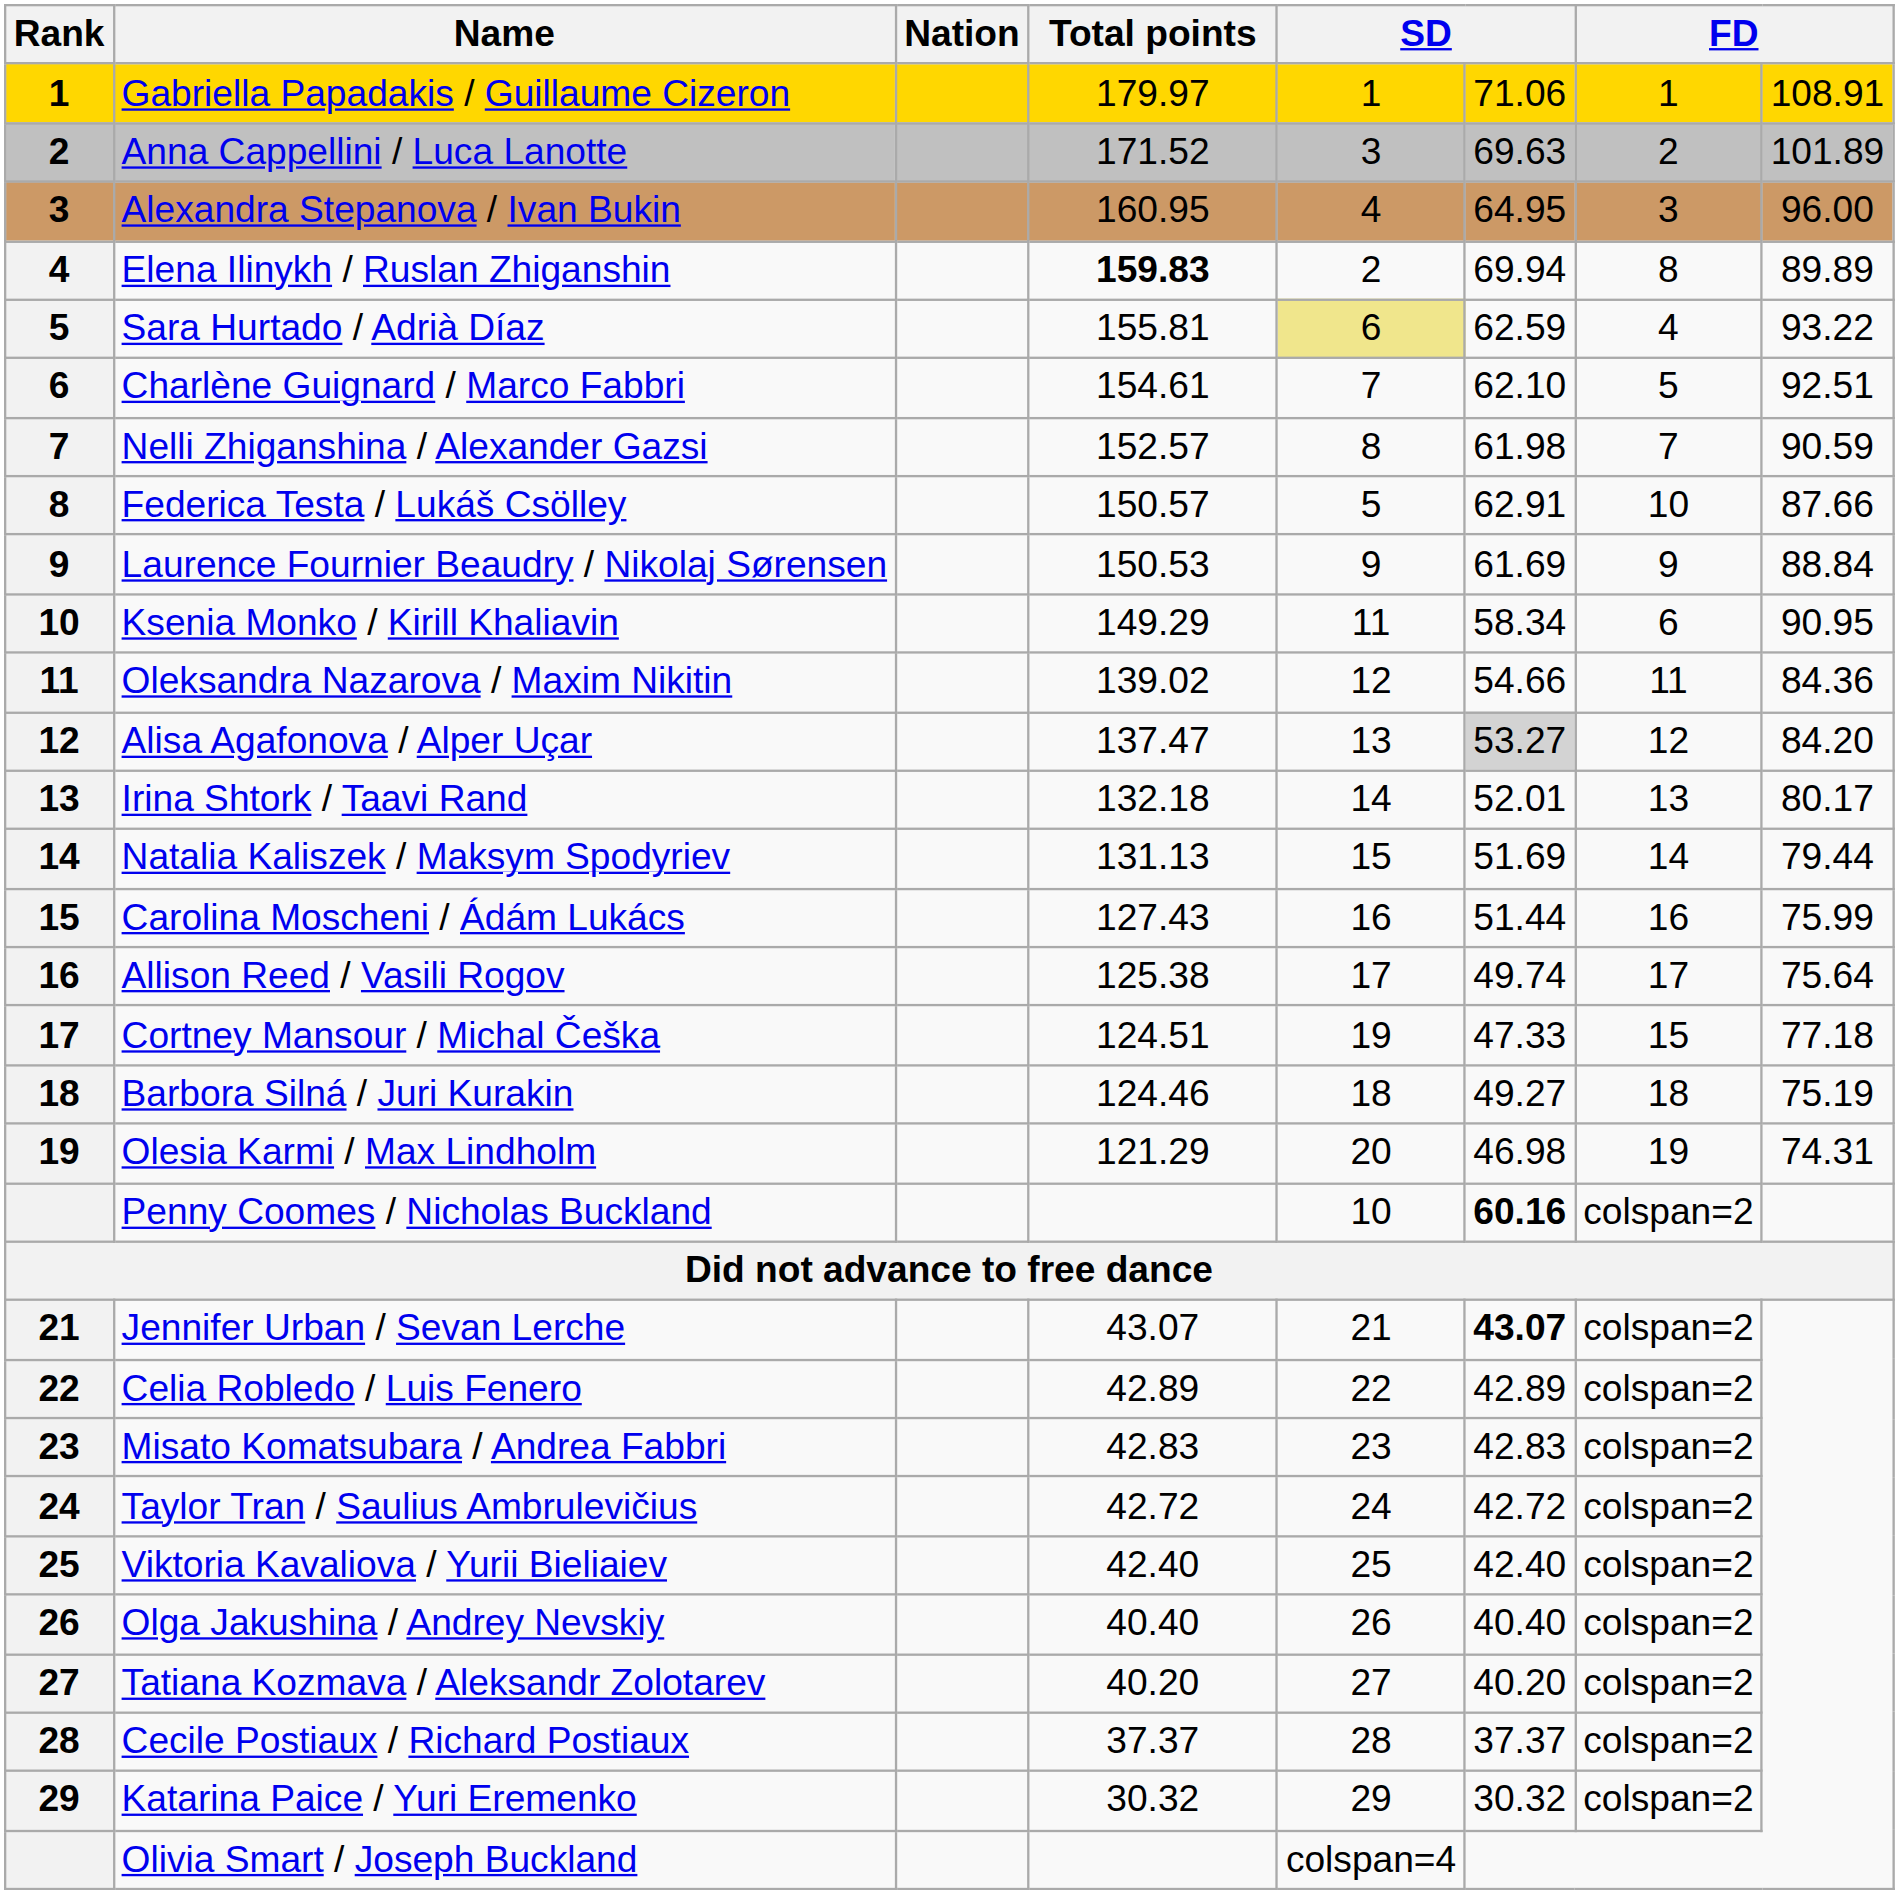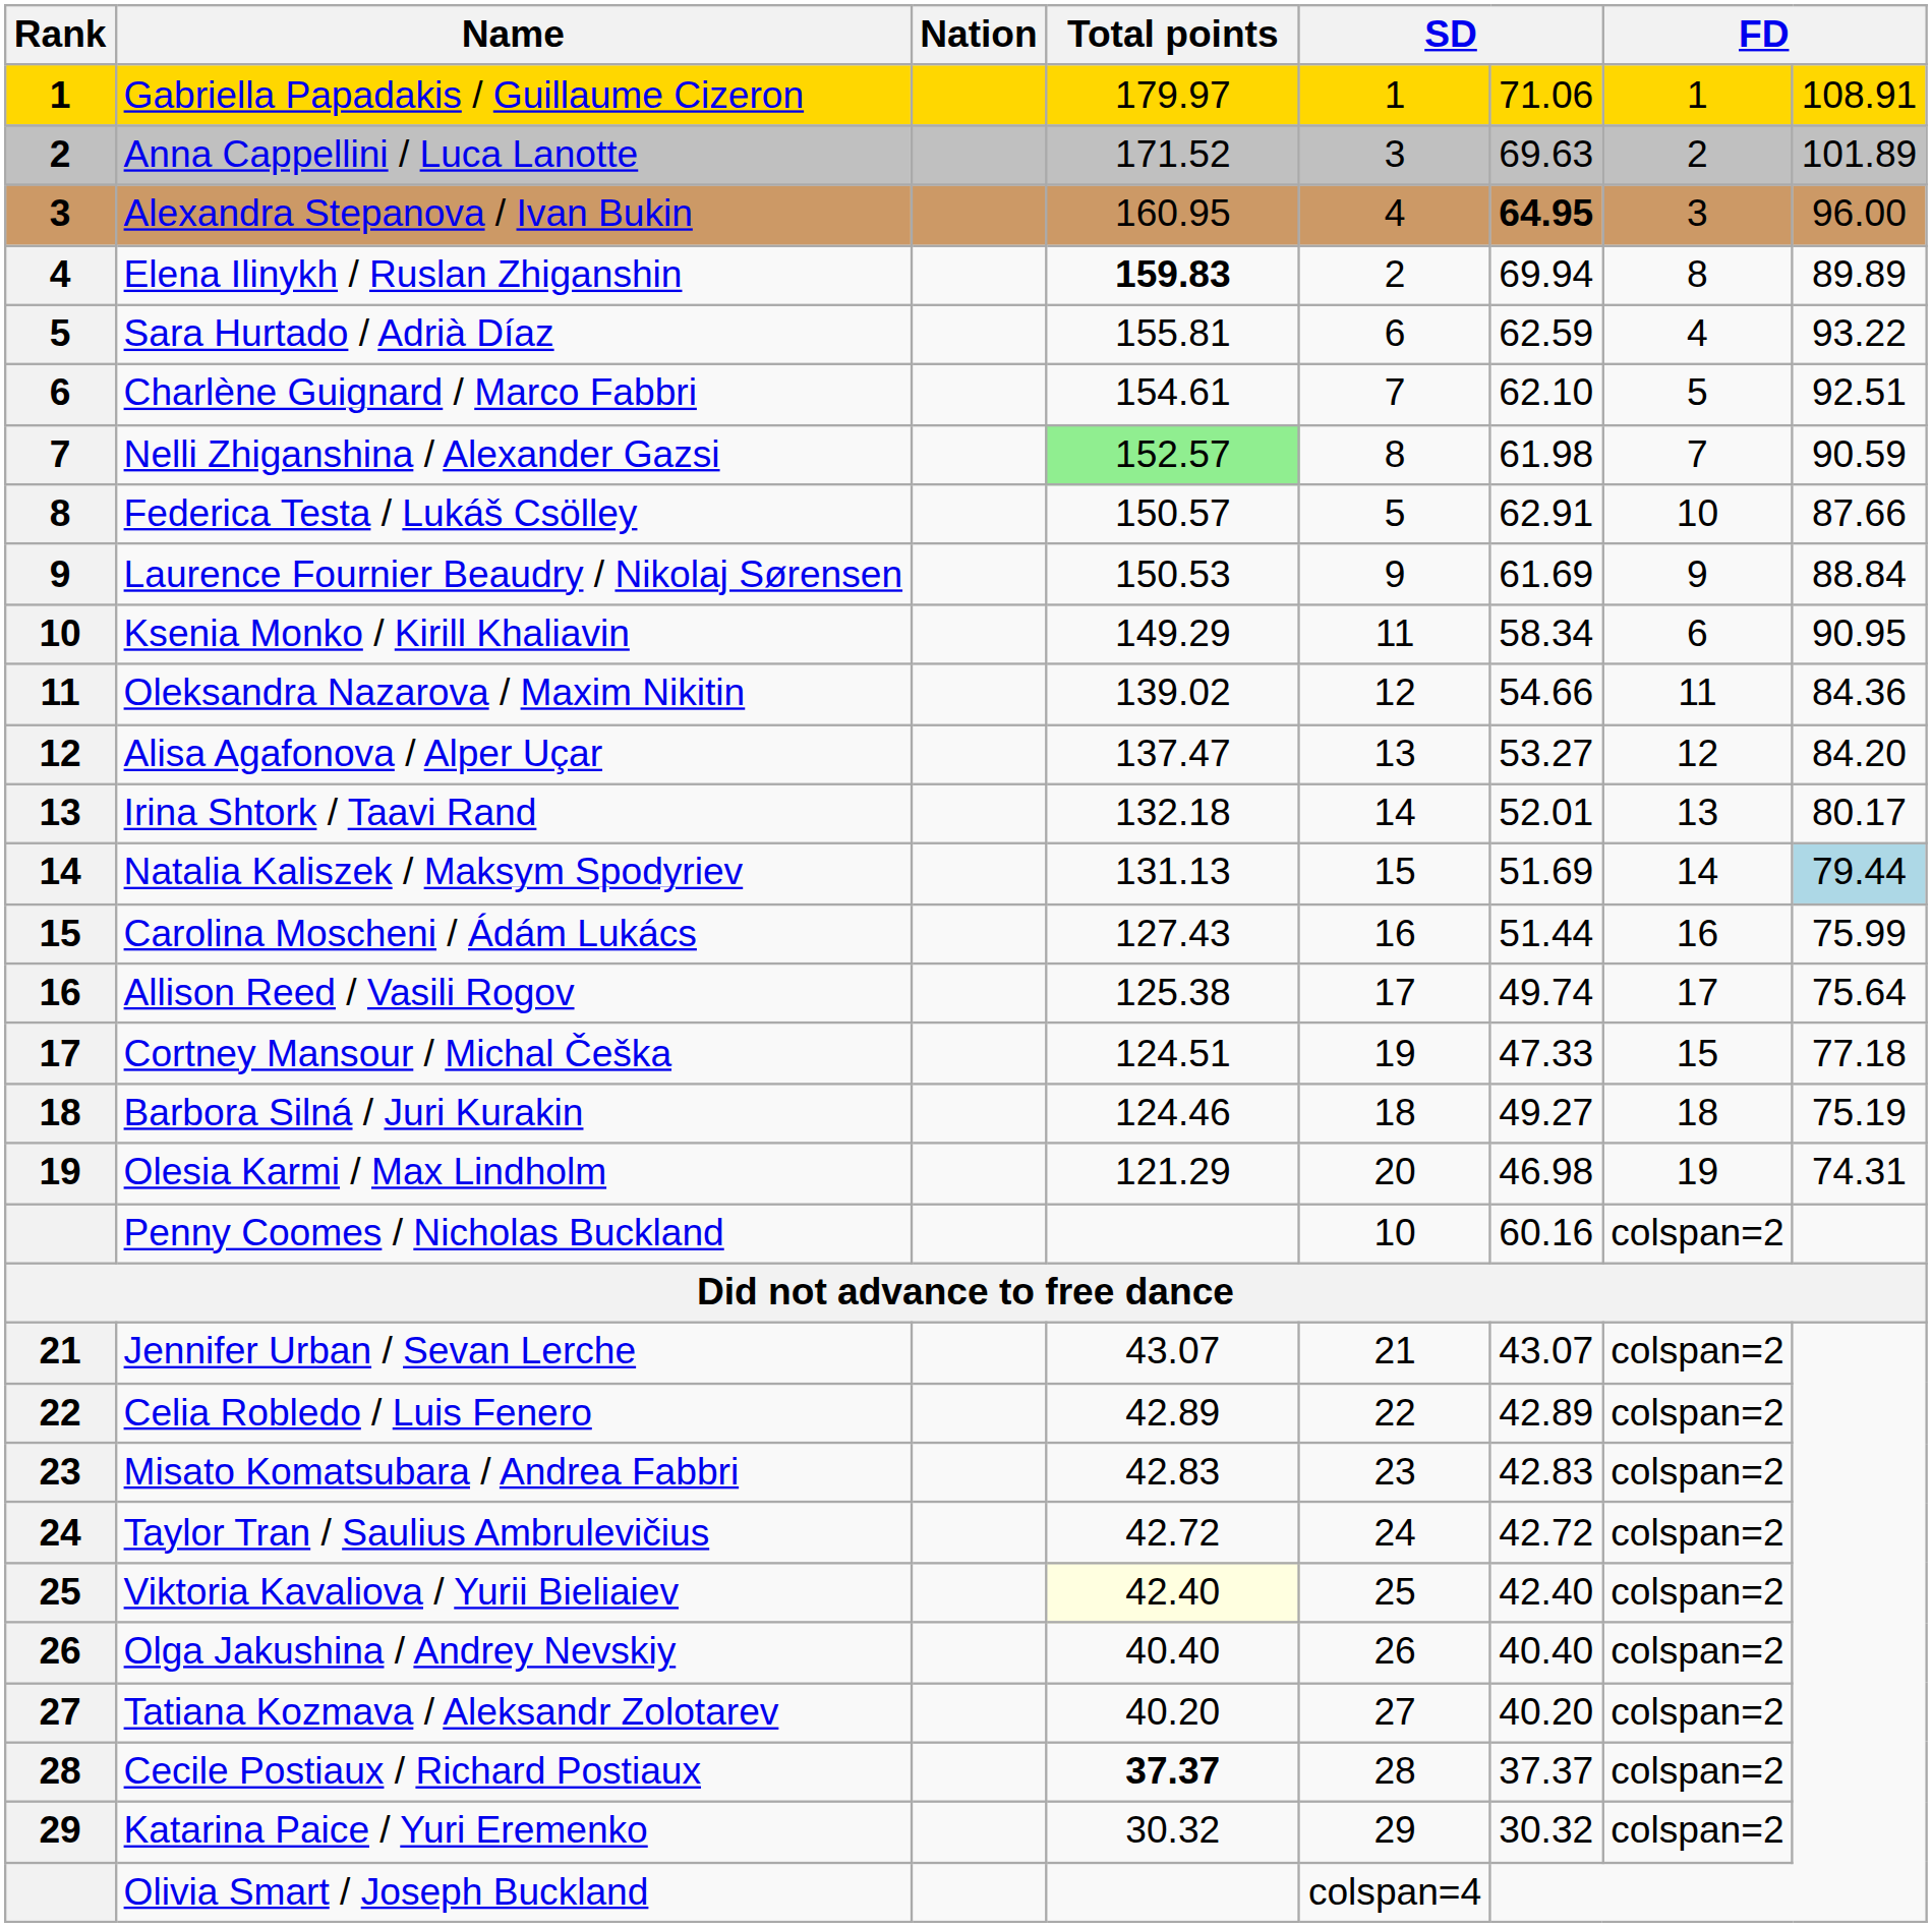 <table class="wikitable sortable">
 <tr>
 <th>Rank</th>
 <th>Name</th>
 <th>Nation</th>
 <th width="100px">Total points</th>
 <th colspan="2" width="90px" align="center"><a href='#'>SD</a></th>
 <th colspan="2" width="90px" align="center"><a href='#'>FD</a></th>
 </tr>
 <tr bgcolor="gold">
 <td align="center" bgcolor="gold"><strong>1</strong></td>
 <td><a href='#'>Gabriella Papadakis</a> / <a href='#'>Guillaume Cizeron</a></td>
 <td></td>
 <td align="center">179.97</td>
 <td align="center">1</td>
 <td align="center">71.06</td>
 <td align="center">1</td>
 <td align="center">108.91</td>
 </tr>
 <tr bgcolor="silver">
 <td align="center" bgcolor="silver"><strong>2</strong></td>
 <td><a href='#'>Anna Cappellini</a> / <a href='#'>Luca Lanotte</a></td>
 <td></td>
 <td align="center">171.52</td>
 <td align="center">3</td>
 <td align="center">69.63</td>
 <td align="center">2</td>
 <td align="center">101.89</td>
 </tr>
 <tr bgcolor="#cc9966">
 <td align="center" bgcolor="#cc9966"><strong>3</strong></td>
 <td><a href='#'>Alexandra Stepanova</a> / <a href='#'>Ivan Bukin</a></td>
 <td></td>
 <td align="center">160.95</td>
 <td align="center">4</td>
-<td align="center">64.95</td>
+<td align="center"><strong>64.95</strong></td>
 <td align="center">3</td>
 <td align="center">96.00</td>
 </tr>
 <tr>
 <th>4</th>
 <td><a href='#'>Elena Ilinykh</a> / <a href='#'>Ruslan Zhiganshin</a></td>
 <td></td>
 <td align="center"><strong>159.83</strong></td>
 <td align="center">2</td>
 <td align="center">69.94</td>
 <td align="center">8</td>
 <td align="center">89.89</td>
 </tr>
 <tr>
 <th>5</th>
 <td><a href='#'>Sara Hurtado</a> / <a href='#'>Adrià Díaz</a></td>
 <td></td>
 <td align="center">155.81</td>
-<td align="center" style="background: khaki;">6</td>
+<td align="center">6</td>
 <td align="center">62.59</td>
 <td align="center">4</td>
 <td align="center">93.22</td>
 </tr>
 <tr>
 <th>6</th>
 <td><a href='#'>Charlène Guignard</a> / <a href='#'>Marco Fabbri</a></td>
 <td></td>
 <td align="center">154.61</td>
 <td align="center">7</td>
 <td align="center">62.10</td>
 <td align="center">5</td>
 <td align="center">92.51</td>
 </tr>
 <tr>
 <th>7</th>
 <td><a href='#'>Nelli Zhiganshina</a> / <a href='#'>Alexander Gazsi</a></td>
 <td></td>
-<td align="center">152.57</td>
+<td align="center" style="background: lightgreen;">152.57</td>
 <td align="center">8</td>
 <td align="center">61.98</td>
 <td align="center">7</td>
 <td align="center">90.59</td>
 </tr>
 <tr>
 <th>8</th>
 <td><a href='#'>Federica Testa</a> / <a href='#'>Lukáš Csölley</a></td>
 <td></td>
 <td align="center">150.57</td>
 <td align="center">5</td>
 <td align="center">62.91</td>
 <td align="center">10</td>
 <td align="center">87.66</td>
 </tr>
 <tr>
 <th>9</th>
 <td><a href='#'>Laurence Fournier Beaudry</a> / <a href='#'>Nikolaj Sørensen</a></td>
 <td></td>
 <td align="center">150.53</td>
 <td align="center">9</td>
 <td align="center">61.69</td>
 <td align="center">9</td>
 <td align="center">88.84</td>
 </tr>
 <tr>
 <th>10</th>
 <td><a href='#'>Ksenia Monko</a> / <a href='#'>Kirill Khaliavin</a></td>
 <td></td>
 <td align="center">149.29</td>
 <td align="center">11</td>
 <td align="center">58.34</td>
 <td align="center">6</td>
 <td align="center">90.95</td>
 </tr>
 <tr>
 <th>11</th>
 <td><a href='#'>Oleksandra Nazarova</a> / <a href='#'>Maxim Nikitin</a></td>
 <td></td>
 <td align="center">139.02</td>
 <td align="center">12</td>
 <td align="center">54.66</td>
 <td align="center">11</td>
 <td align="center">84.36</td>
 </tr>
 <tr>
 <th>12</th>
 <td><a href='#'>Alisa Agafonova</a> / <a href='#'>Alper Uçar</a></td>
 <td></td>
 <td align="center">137.47</td>
 <td align="center">13</td>
-<td align="center" style="background: lightgrey;">53.27</td>
+<td align="center">53.27</td>
 <td align="center">12</td>
 <td align="center">84.20</td>
 </tr>
 <tr>
 <th>13</th>
 <td><a href='#'>Irina Shtork</a> / <a href='#'>Taavi Rand</a></td>
 <td></td>
 <td align="center">132.18</td>
 <td align="center">14</td>
 <td align="center">52.01</td>
 <td align="center">13</td>
 <td align="center">80.17</td>
 </tr>
 <tr>
 <th>14</th>
 <td><a href='#'>Natalia Kaliszek</a> / <a href='#'>Maksym Spodyriev</a></td>
 <td></td>
 <td align="center">131.13</td>
 <td align="center">15</td>
 <td align="center">51.69</td>
 <td align="center">14</td>
-<td align="center">79.44</td>
+<td align="center" style="background: lightblue;">79.44</td>
 </tr>
 <tr>
 <th>15</th>
 <td><a href='#'>Carolina Moscheni</a> / <a href='#'>Ádám Lukács</a></td>
 <td></td>
 <td align="center">127.43</td>
 <td align="center">16</td>
 <td align="center">51.44</td>
 <td align="center">16</td>
 <td align="center">75.99</td>
 </tr>
 <tr>
 <th>16</th>
 <td><a href='#'>Allison Reed</a> / <a href='#'>Vasili Rogov</a></td>
 <td></td>
 <td align="center">125.38</td>
 <td align="center">17</td>
 <td align="center">49.74</td>
 <td align="center">17</td>
 <td align="center">75.64</td>
 </tr>
 <tr>
 <th>17</th>
 <td><a href='#'>Cortney Mansour</a> / <a href='#'>Michal Češka</a></td>
 <td></td>
 <td align="center">124.51</td>
 <td align="center">19</td>
 <td align="center">47.33</td>
 <td align="center">15</td>
 <td align="center">77.18</td>
 </tr>
 <tr>
 <th>18</th>
 <td><a href='#'>Barbora Silná</a> / <a href='#'>Juri Kurakin</a></td>
 <td></td>
 <td align="center">124.46</td>
 <td align="center">18</td>
 <td align="center">49.27</td>
 <td align="center">18</td>
 <td align="center">75.19</td>
 </tr>
 <tr>
 <th>19</th>
 <td><a href='#'>Olesia Karmi</a> / <a href='#'>Max Lindholm</a></td>
 <td></td>
 <td align="center">121.29</td>
 <td align="center">20</td>
 <td align="center">46.98</td>
 <td align="center">19</td>
 <td align="center">74.31</td>
 </tr>
 <tr>
 <th></th>
 <td><a href='#'>Penny Coomes</a> / <a href='#'>Nicholas Buckland</a></td>
 <td></td>
 <td></td>
 <td align="center">10</td>
-<td align="center"><strong>60.16</strong></td>
+<td align="center">60.16</td>
 <td>colspan=2 </td>
 </tr>
 <tr>
 <th colspan="8">Did not advance to free dance</th>
 </tr>
 <tr>
 <th>21</th>
 <td><a href='#'>Jennifer Urban</a> / <a href='#'>Sevan Lerche</a></td>
 <td></td>
 <td align="center">43.07</td>
 <td align="center">21</td>
-<td align="center"><strong>43.07</strong></td>
+<td align="center">43.07</td>
 <td>colspan=2 </td>
 </tr>
 <tr>
 <th>22</th>
 <td><a href='#'>Celia Robledo</a> / <a href='#'>Luis Fenero</a></td>
 <td></td>
 <td align="center">42.89</td>
 <td align="center">22</td>
 <td align="center">42.89</td>
 <td>colspan=2 </td>
 </tr>
 <tr>
 <th>23</th>
 <td><a href='#'>Misato Komatsubara</a> / <a href='#'>Andrea Fabbri</a></td>
 <td></td>
 <td align="center">42.83</td>
 <td align="center">23</td>
 <td align="center">42.83</td>
 <td>colspan=2 </td>
 </tr>
 <tr>
 <th>24</th>
 <td><a href='#'>Taylor Tran</a> / <a href='#'>Saulius Ambrulevičius</a></td>
 <td></td>
 <td align="center">42.72</td>
 <td align="center">24</td>
 <td align="center">42.72</td>
 <td>colspan=2 </td>
 </tr>
 <tr>
 <th>25</th>
 <td><a href='#'>Viktoria Kavaliova</a> / <a href='#'>Yurii Bieliaiev</a></td>
 <td></td>
-<td align="center">42.40</td>
+<td align="center" style="background: lightyellow;">42.40</td>
 <td align="center">25</td>
 <td align="center">42.40</td>
 <td>colspan=2 </td>
 </tr>
 <tr>
 <th>26</th>
 <td><a href='#'>Olga Jakushina</a> / <a href='#'>Andrey Nevskiy</a></td>
 <td></td>
 <td align="center">40.40</td>
 <td align="center">26</td>
 <td align="center">40.40</td>
 <td>colspan=2 </td>
 </tr>
 <tr>
 <th>27</th>
 <td><a href='#'>Tatiana Kozmava</a> / <a href='#'>Aleksandr Zolotarev</a></td>
 <td></td>
 <td align="center">40.20</td>
 <td align="center">27</td>
 <td align="center">40.20</td>
 <td>colspan=2 </td>
 </tr>
 <tr>
 <th>28</th>
 <td><a href='#'>Cecile Postiaux</a> / <a href='#'>Richard Postiaux</a></td>
 <td></td>
-<td align="center">37.37</td>
+<td align="center"><strong>37.37</strong></td>
 <td align="center">28</td>
 <td align="center">37.37</td>
 <td>colspan=2 </td>
 </tr>
 <tr>
 <th>29</th>
 <td><a href='#'>Katarina Paice</a> / <a href='#'>Yuri Eremenko</a></td>
 <td></td>
 <td align="center">30.32</td>
 <td align="center">29</td>
 <td align="center">30.32</td>
 <td>colspan=2 </td>
 </tr>
 <tr>
 <th></th>
 <td><a href='#'>Olivia Smart</a> / <a href='#'>Joseph Buckland</a></td>
 <td></td>
 <td></td>
 <td>colspan=4 </td>
 </tr>
 </table>
